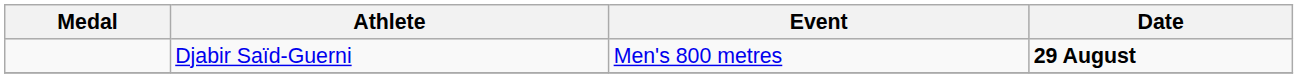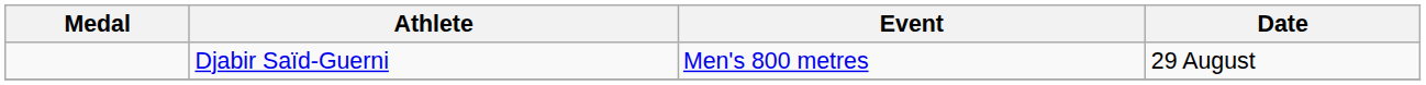 <table class=wikitable style=font-size:90% width=55%>
 <tr>
 <th>Medal</th>
 <th>Athlete</th>
 <th>Event</th>
 <th>Date</th>
 </tr>
 <tr>
 <td></td>
 <td><a href='#'>Djabir Saïd-Guerni</a></td>
 <td><a href='#'>Men's 800 metres</a></td>
-<td><strong>29 August</strong></td>
+<td>29 August</td>
 </tr>
 <tr>
 </tr>
 </table>
